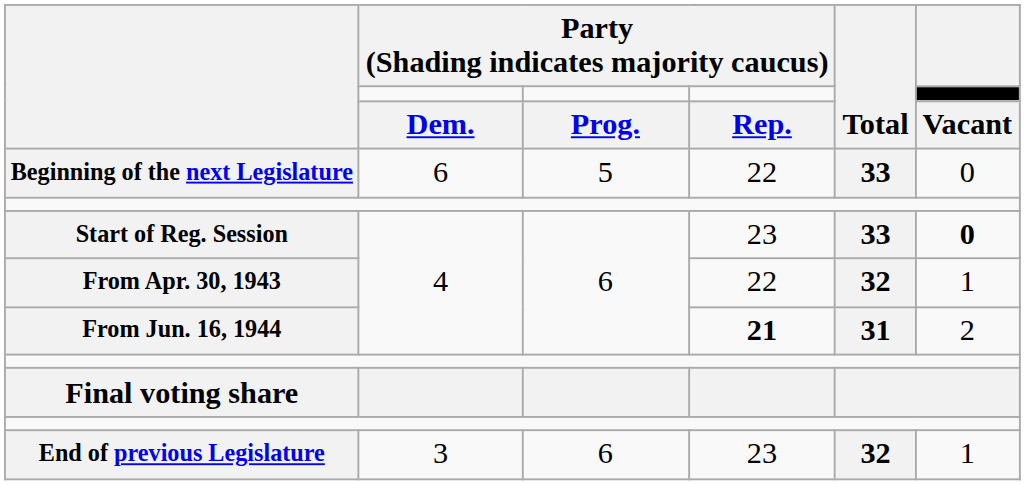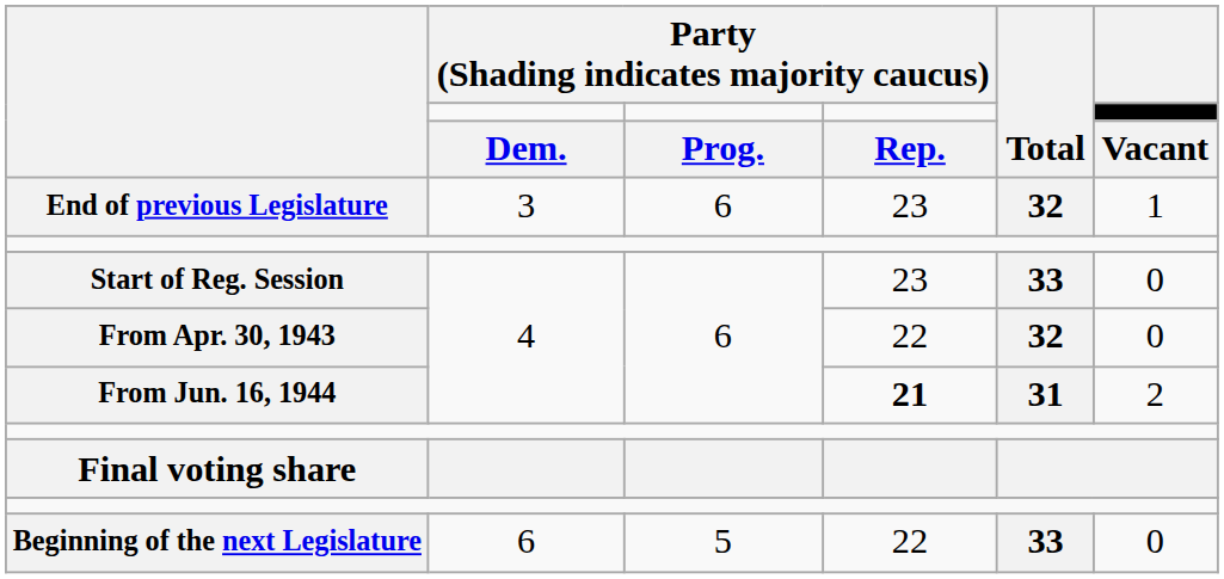 <table class=wikitable style="text-align:center">
 <tr style="vertical-align:bottom;">
 <th rowspan=3></th>
 <th colspan=3>Party <div>(Shading indicates majority caucus)</div></th>
 <th rowspan=3>Total</th>
 <th></th>
 </tr>
 <tr style="height:5px">
 <td style="background-color:"></td>
 <td style="background-color:"></td>
 <td style="background-color:"></td>
 <td style="background:black;"></td>
 </tr>
 <tr>
 <th><a href='#'>Dem.</a></th>
 <th><a href='#'>Prog.</a></th>
 <th><a href='#'>Rep.</a></th>
 <th>Vacant</th>
 </tr>
 <tr>
-<th style="font-size:80%;">Beginning of the <a href='#'>next Legislature</a></th>
+<th style="font-size:80%;">End of <a href='#'>previous Legislature</a></th>
+<td>3</td>
 <td>6</td>
-<td>5</td>
-<td>22</td>
-<th>33</th>
-<td>0</td>
+<td>23</td>
+<th>32</th>
+<td>1</td>
 </tr>
 <tr>
 <td colspan=6></td>
 </tr>
 <tr>
 <th style="font-size:80%;">Start of Reg. Session</th>
 <td rowspan="3">4</td>
 <td rowspan="3">6</td>
 <td>23</td>
 <th>33</th>
-<td><strong>0</strong></td>
+<td>0</td>
 </tr>
 <tr>
 <th style="font-size:80%;">From Apr. 30, 1943</th>
 <td>22</td>
 <th>32</th>
-<td>1</td>
+<td>0</td>
 </tr>
 <tr>
 <th style="font-size:80%;">From Jun. 16, 1944</th>
 <td><strong>21</strong></td>
 <th>31</th>
 <td>2</td>
 </tr>
 <tr>
 <td colspan=6></td>
 </tr>
 <tr>
 <th>Final voting share</th>
 <th></th>
 <th></th>
 <th></th>
 <th colspan=2></th>
 </tr>
 <tr>
 <td colspan=6></td>
 </tr>
 <tr>
-<th style="font-size:80%;">End of <a href='#'>previous Legislature</a></th>
-<td>3</td>
+<th style="font-size:80%;">Beginning of the <a href='#'>next Legislature</a></th>
 <td>6</td>
-<td>23</td>
-<th>32</th>
-<td>1</td>
+<td>5</td>
+<td>22</td>
+<th>33</th>
+<td>0</td>
 </tr>
 </table>
